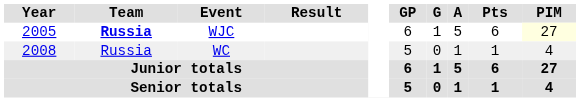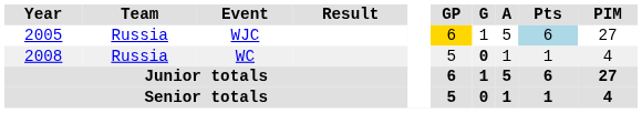 <table border="0" cellpadding="1" cellspacing="0" style="text-align:center; width:40em">
 <tr ALIGN="center" bgcolor="#e0e0e0">
 <th>Year</th>
 <th>Team</th>
 <th>Event</th>
 <th>Result</th>
 <th rowspan="99" bgcolor="#ffffff"> </th>
 <th>GP</th>
 <th>G</th>
 <th>A</th>
 <th>Pts</th>
 <th>PIM</th>
 </tr>
 <tr>
 <td><a href='#'>2005</a></td>
-<td><strong><a href='#'>Russia</a></strong></td>
+<td><a href='#'>Russia</a></td>
 <td><a href='#'>WJC</a></td>
 <td></td>
-<td>6</td>
+<td style="background: gold;">6</td>
 <td>1</td>
 <td>5</td>
-<td>6</td>
-<td style="background: lightyellow;">27</td>
+<td style="background: lightblue;">6</td>
+<td>27</td>
 </tr>
 <tr bgcolor="#f0f0f0">
 <td><a href='#'>2008</a></td>
 <td><a href='#'>Russia</a></td>
 <td><a href='#'>WC</a></td>
 <td></td>
 <td>5</td>
-<td>0</td>
+<td><strong>0</strong></td>
 <td>1</td>
 <td>1</td>
 <td>4</td>
 </tr>
 <tr bgcolor="#e0e0e0">
 <th colspan="4">Junior totals</th>
 <th>6</th>
 <th>1</th>
 <th>5</th>
 <th>6</th>
 <th>27</th>
 </tr>
 <tr bgcolor="#e0e0e0">
 <th colspan="4">Senior totals</th>
 <th>5</th>
 <th>0</th>
 <th>1</th>
 <th>1</th>
 <th>4</th>
 </tr>
 </table>
